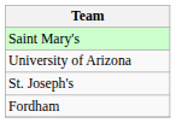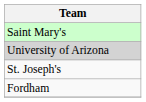 <table class="wikitable" style="text-align: center;">
 <tr>
 <th width="180">Team</th>
 </tr>
 <tr bgcolor=#ccffcc>
 <td align="left">Saint Mary's</td>
 </tr>
 <tr>
-<td align="left">University of Arizona</td>
+<td align="left" style="background: lightgrey;">University of Arizona</td>
 </tr>
 <tr>
 <td align="left">St. Joseph's</td>
 </tr>
 <tr>
 <td align="left">Fordham</td>
 </tr>
 <tr>
 </tr>
 </table>
